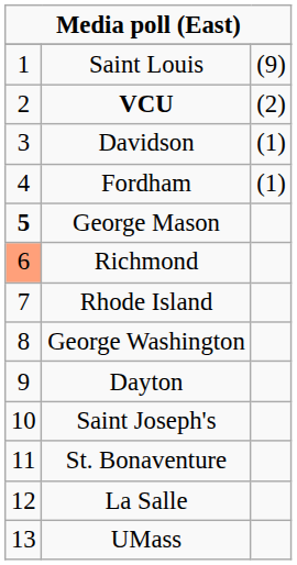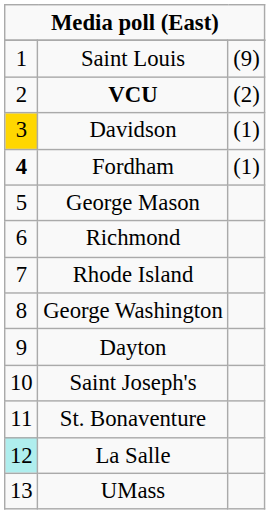 <table class="wikitable">
 <tr align="center">
 <td align="center" Colspan="3"><strong>Media poll (East)</strong></td>
 </tr>
 <tr align="center">
 </tr>
 <tr align="center">
 <td>1</td>
 <td>Saint Louis</td>
 <td>(9)</td>
 </tr>
 <tr align="center">
 <td>2</td>
 <td><strong>VCU</strong></td>
 <td>(2)</td>
 </tr>
 <tr align="center">
-<td>3</td>
+<td style="background: gold;">3</td>
 <td>Davidson</td>
 <td>(1)</td>
 </tr>
 <tr align="center">
-<td>4</td>
+<td><strong>4</strong></td>
 <td>Fordham</td>
 <td>(1)</td>
 </tr>
 <tr align="center">
-<td><strong>5</strong></td>
+<td>5</td>
 <td>George Mason</td>
 <td></td>
 </tr>
 <tr align="center">
-<td style="background: lightsalmon;">6</td>
+<td>6</td>
 <td>Richmond</td>
 <td></td>
 </tr>
 <tr align="center">
 <td>7</td>
 <td>Rhode Island</td>
 <td></td>
 </tr>
 <tr align="center">
 <td>8</td>
 <td>George Washington</td>
 <td></td>
 </tr>
 <tr align="center">
 <td>9</td>
 <td>Dayton</td>
 <td></td>
 </tr>
 <tr align="center">
 <td>10</td>
 <td>Saint Joseph's</td>
 <td></td>
 </tr>
 <tr align="center">
 <td>11</td>
 <td>St. Bonaventure</td>
 <td></td>
 </tr>
 <tr align="center">
-<td>12</td>
+<td style="background: paleturquoise;">12</td>
 <td>La Salle</td>
 <td></td>
 </tr>
 <tr align="center">
 <td>13</td>
 <td>UMass</td>
 <td></td>
 </tr>
 </table>
